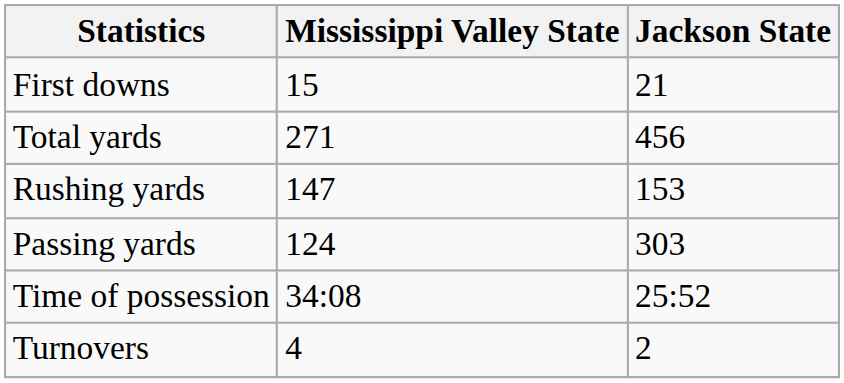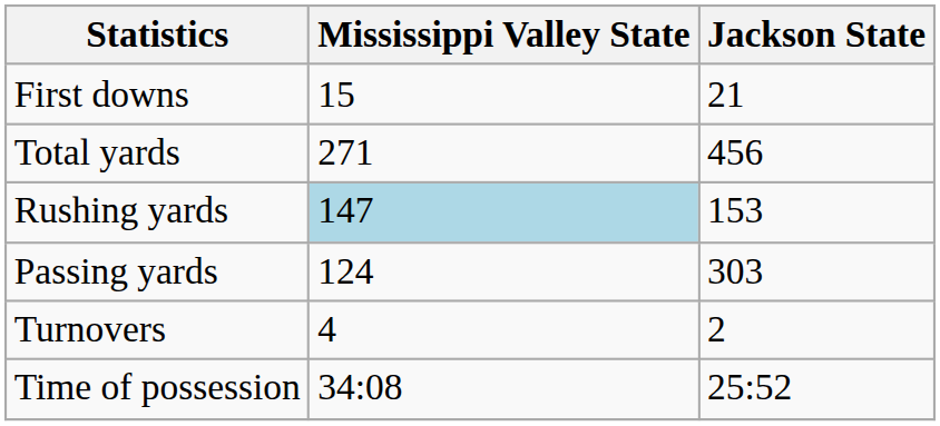 <table class="wikitable">
 <tr>
 <th>Statistics</th>
 <th>Mississippi Valley State</th>
 <th>Jackson State</th>
 </tr>
 <tr>
 <td>First downs</td>
 <td>15</td>
 <td>21</td>
 </tr>
 <tr>
 <td>Total yards</td>
 <td>271</td>
 <td>456</td>
 </tr>
 <tr>
 <td>Rushing yards</td>
-<td>147</td>
+<td style="background: lightblue;">147</td>
 <td>153</td>
 </tr>
 <tr>
 <td>Passing yards</td>
 <td>124</td>
 <td>303</td>
 </tr>
 <tr>
+<td>Turnovers</td>
+<td>4</td>
+<td>2</td>
+</tr>
+<tr>
 <td>Time of possession</td>
 <td>34:08</td>
 <td>25:52</td>
 </tr>
 <tr>
-<td>Turnovers</td>
-<td>4</td>
-<td>2</td>
-</tr>
-<tr>
 </tr>
 </table>
